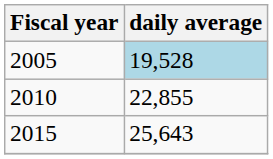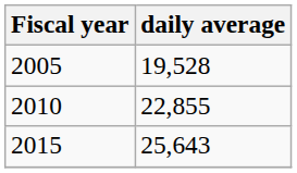 <table class="wikitable">
 <tr>
 <th>Fiscal year</th>
 <th>daily average</th>
 </tr>
 <tr>
 <td>2005</td>
-<td style="background: lightblue;">19,528</td>
+<td>19,528</td>
 </tr>
 <tr>
 <td>2010</td>
 <td>22,855</td>
 </tr>
 <tr>
 <td>2015</td>
 <td>25,643</td>
 </tr>
 <tr>
 </tr>
 </table>
